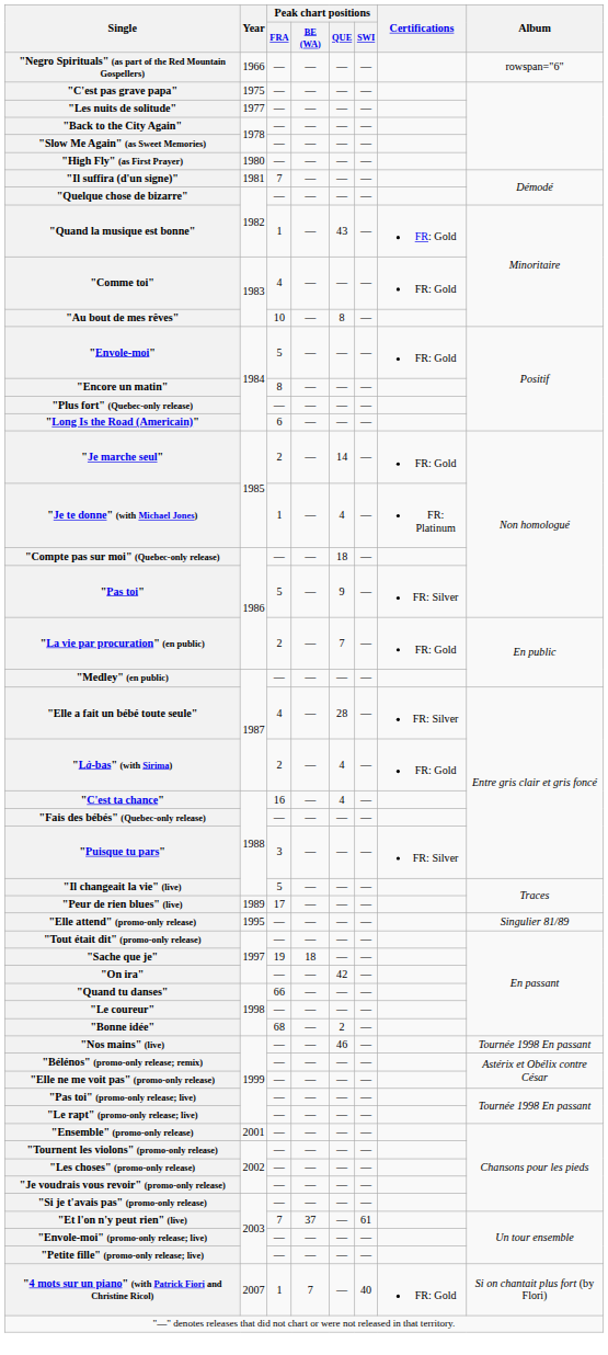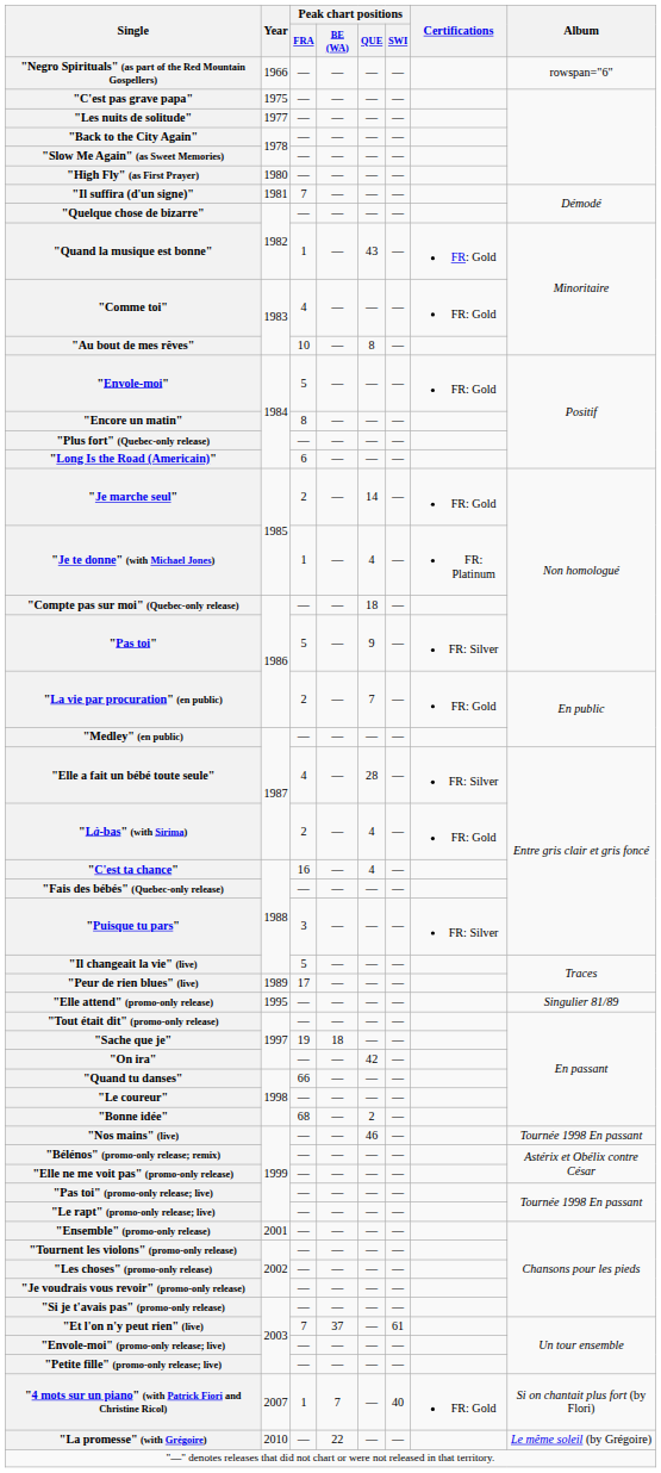 <table class="wikitable plainrowheaders" style="text-align:center;">
 <tr>
 <th rowspan="2">Single</th>
 <th rowspan="2">Year</th>
 <th colspan="4">Peak chart positions</th>
 <th rowspan="2"><a href='#'>Certifications</a></th>
 <th rowspan="2">Album</th>
 </tr>
 <tr>
 <th><small><a href='#'>FRA</a></small><br></th>
 <th><small><a href='#'>BE (WA)</a></small><br></th>
 <th><small><a href='#'>QUE</a></small><br></th>
 <th><small><a href='#'>SWI</a></small><br></th>
 </tr>
 <tr>
 <th scope="row">"Negro Spirituals" <small>(as part of the Red Mountain Gospellers)</small></th>
 <td>1966</td>
 <td>—</td>
 <td>—</td>
 <td>—</td>
 <td>—</td>
 <td></td>
 <td>rowspan="6" </td>
 </tr>
 <tr>
 <th scope="row">"C'est pas grave papa"</th>
 <td>1975</td>
 <td>—</td>
 <td>—</td>
 <td>—</td>
 <td>—</td>
 <td></td>
 </tr>
 <tr>
 <th scope="row">"Les nuits de solitude"</th>
 <td>1977</td>
 <td>—</td>
 <td>—</td>
 <td>—</td>
 <td>—</td>
 <td></td>
 </tr>
 <tr>
 <th scope="row">"Back to the City Again"</th>
 <td rowspan="2">1978</td>
 <td>—</td>
 <td>—</td>
 <td>—</td>
 <td>—</td>
 <td></td>
 </tr>
 <tr>
 <th scope="row">"Slow Me Again" <small>(as Sweet Memories)</small></th>
 <td>—</td>
 <td>—</td>
 <td>—</td>
 <td>—</td>
 <td></td>
 </tr>
 <tr>
 <th scope="row">"High Fly" <small>(as First Prayer)</small></th>
 <td>1980</td>
 <td>—</td>
 <td>—</td>
 <td>—</td>
 <td>—</td>
 <td></td>
 </tr>
 <tr>
 <th scope="row">"Il suffira (d'un signe)"</th>
 <td>1981</td>
 <td>7</td>
 <td>—</td>
 <td>—</td>
 <td>—</td>
 <td></td>
 <td rowspan="2"><em>Démodé</em></td>
 </tr>
 <tr>
 <th scope="row">"Quelque chose de bizarre"</th>
 <td rowspan="2">1982</td>
 <td>—</td>
 <td>—</td>
 <td>—</td>
 <td>—</td>
 <td></td>
 </tr>
 <tr>
 <th scope="row">"Quand la musique est bonne"</th>
 <td>1</td>
 <td>—</td>
 <td>43</td>
 <td>—</td>
 <td><br><ul><li><a href='#'>FR</a>: Gold</li></ul></td>
 <td rowspan="3"><em>Minoritaire</em></td>
 </tr>
 <tr>
 <th scope="row">"Comme toi"</th>
 <td rowspan="2">1983</td>
 <td>4</td>
 <td>—</td>
 <td>—</td>
 <td>—</td>
 <td><br><ul><li>FR: Gold</li></ul></td>
 </tr>
 <tr>
 <th scope="row">"Au bout de mes rêves"</th>
 <td>10</td>
 <td>—</td>
 <td>8</td>
 <td>—</td>
 <td></td>
 </tr>
 <tr>
 <th scope="row">"<a href='#'>Envole-moi</a>"</th>
 <td rowspan="4">1984</td>
 <td>5</td>
 <td>—</td>
 <td>—</td>
 <td>—</td>
 <td><br><ul><li>FR: Gold</li></ul></td>
 <td rowspan="4"><em>Positif</em></td>
 </tr>
 <tr>
 <th scope="row">"Encore un matin"</th>
 <td>8</td>
 <td>—</td>
 <td>—</td>
 <td>—</td>
 <td></td>
 </tr>
 <tr>
 <th scope="row">"Plus fort" <small>(Quebec-only release)</small></th>
 <td>—</td>
 <td>—</td>
 <td>—</td>
 <td>—</td>
 <td></td>
 </tr>
 <tr>
 <th scope="row">"<a href='#'>Long Is the Road (Americain)</a>"</th>
 <td>6</td>
 <td>—</td>
 <td>—</td>
 <td>—</td>
 <td></td>
 </tr>
 <tr>
 <th scope="row">"<a href='#'>Je marche seul</a>"</th>
 <td rowspan="2">1985</td>
 <td>2</td>
 <td>—</td>
 <td>14</td>
 <td>—</td>
 <td><br><ul><li>FR: Gold</li></ul></td>
 <td rowspan="4"><em>Non homologué</em></td>
 </tr>
 <tr>
 <th scope="row">"<a href='#'>Je te donne</a>" <small>(with <a href='#'>Michael Jones</a>)</small></th>
 <td>1</td>
 <td>—</td>
 <td>4</td>
 <td>—</td>
 <td><br><ul><li>FR: Platinum</li></ul></td>
 </tr>
 <tr>
 <th scope="row">"Compte pas sur moi" <small>(Quebec-only release)</small></th>
 <td rowspan="3">1986</td>
 <td>—</td>
 <td>—</td>
 <td>18</td>
 <td>—</td>
 <td></td>
 </tr>
 <tr>
 <th scope="row">"<a href='#'>Pas toi</a>"</th>
 <td>5</td>
 <td>—</td>
 <td>9</td>
 <td>—</td>
 <td><br><ul><li>FR: Silver</li></ul></td>
 </tr>
 <tr>
 <th scope="row">"<a href='#'>La vie par procuration</a>" <small>(en public)</small></th>
 <td>2</td>
 <td>—</td>
 <td>7</td>
 <td>—</td>
 <td><br><ul><li>FR: Gold</li></ul></td>
 <td rowspan="2"><em>En public</em></td>
 </tr>
 <tr>
 <th scope="row">"Medley" <small>(en public)</small></th>
 <td rowspan="3">1987</td>
 <td>—</td>
 <td>—</td>
 <td>—</td>
 <td>—</td>
 <td></td>
 </tr>
 <tr>
 <th scope="row">"Elle a fait un bébé toute seule"</th>
 <td>4</td>
 <td>—</td>
 <td>28</td>
 <td>—</td>
 <td><br><ul><li>FR: Silver</li></ul></td>
 <td rowspan="5"><em>Entre gris clair et gris foncé</em></td>
 </tr>
 <tr>
 <th scope="row">"<a href='#'>L<em>à</em>-bas</a>" <small>(with <a href='#'>Sirima</a>)</small></th>
 <td>2</td>
 <td>—</td>
 <td>4</td>
 <td>—</td>
 <td><br><ul><li>FR: Gold</li></ul></td>
 </tr>
 <tr>
 <th scope="row">"<a href='#'>C'est ta chance</a>"</th>
 <td rowspan="4">1988</td>
 <td>16</td>
 <td>—</td>
 <td>4</td>
 <td>—</td>
 <td></td>
 </tr>
 <tr>
 <th scope="row">"Fais des bébés" <small>(Quebec-only release)</small></th>
 <td>—</td>
 <td>—</td>
 <td>—</td>
 <td>—</td>
 <td></td>
 </tr>
 <tr>
 <th scope="row">"<a href='#'>Puisque tu pars</a>"</th>
 <td>3</td>
 <td>—</td>
 <td>—</td>
 <td>—</td>
 <td><br><ul><li>FR: Silver</li></ul></td>
 </tr>
 <tr>
 <th scope="row">"Il changeait la vie" <small>(live)</small></th>
 <td>5</td>
 <td>—</td>
 <td>—</td>
 <td>—</td>
 <td></td>
 <td rowspan="2"><em>Traces</em></td>
 </tr>
 <tr>
 <th scope="row">"Peur de rien blues" <small>(live)</small></th>
 <td>1989</td>
 <td>17</td>
 <td>—</td>
 <td>—</td>
 <td>—</td>
 <td></td>
 </tr>
 <tr>
 <th scope="row">"Elle attend" <small>(promo-only release)</small></th>
 <td>1995</td>
 <td>—</td>
 <td>—</td>
 <td>—</td>
 <td>—</td>
 <td></td>
 <td><em>Singulier 81/89</em></td>
 </tr>
 <tr>
 <th scope="row">"Tout était dit" <small>(promo-only release)</small></th>
 <td rowspan="3">1997</td>
 <td>—</td>
 <td>—</td>
 <td>—</td>
 <td>—</td>
 <td></td>
 <td rowspan="6"><em>En passant</em></td>
 </tr>
 <tr>
 <th scope="row">"Sache que je"</th>
 <td>19</td>
 <td>18</td>
 <td>—</td>
 <td>—</td>
 <td></td>
 </tr>
 <tr>
 <th scope="row">"On ira"</th>
 <td>—</td>
 <td>—</td>
 <td>42</td>
 <td>—</td>
 <td></td>
 </tr>
 <tr>
 <th scope="row">"Quand tu danses"</th>
 <td rowspan="3">1998</td>
 <td>66</td>
 <td>—</td>
 <td>—</td>
 <td>—</td>
 <td></td>
 </tr>
 <tr>
 <th scope="row">"Le coureur"</th>
 <td>—</td>
 <td>—</td>
 <td>—</td>
 <td>—</td>
 <td></td>
 </tr>
 <tr>
 <th scope="row">"Bonne idée"</th>
 <td>68</td>
 <td>—</td>
 <td>2</td>
 <td>—</td>
 <td></td>
 </tr>
 <tr>
 <th scope="row">"Nos mains" <small>(live)</small></th>
 <td rowspan="5">1999</td>
 <td>—</td>
 <td>—</td>
 <td>46</td>
 <td>—</td>
 <td></td>
 <td><em>Tournée 1998 En passant</em></td>
 </tr>
 <tr>
 <th scope="row">"Bélénos" <small>(promo-only release; remix)</small></th>
 <td>—</td>
 <td>—</td>
 <td>—</td>
 <td>—</td>
 <td></td>
 <td rowspan="2"><em>Astérix et Obélix contre César</em></td>
 </tr>
 <tr>
 <th scope="row">"Elle ne me voit pas" <small>(promo-only release)</small></th>
 <td>—</td>
 <td>—</td>
 <td>—</td>
 <td>—</td>
 <td></td>
 </tr>
 <tr>
 <th scope="row">"Pas toi" <small>(promo-only release; live)</small></th>
 <td>—</td>
 <td>—</td>
 <td>—</td>
 <td>—</td>
 <td></td>
 <td rowspan="2"><em>Tournée 1998 En passant</em></td>
 </tr>
 <tr>
 <th scope="row">"Le rapt" <small>(promo-only release; live)</small></th>
 <td>—</td>
 <td>—</td>
 <td>—</td>
 <td>—</td>
 <td></td>
 </tr>
 <tr>
 <th scope="row">"Ensemble" <small>(promo-only release)</small></th>
 <td>2001</td>
 <td>—</td>
 <td>—</td>
 <td>—</td>
 <td>—</td>
 <td></td>
 <td rowspan="5"><em>Chansons pour les pieds</em></td>
 </tr>
 <tr>
 <th scope="row">"Tournent les violons" <small>(promo-only release)</small></th>
 <td rowspan="3">2002</td>
 <td>—</td>
 <td>—</td>
 <td>—</td>
 <td>—</td>
 <td></td>
 </tr>
 <tr>
 <th scope="row">"Les choses" <small>(promo-only release)</small></th>
 <td>—</td>
 <td>—</td>
 <td>—</td>
 <td>—</td>
 <td></td>
 </tr>
 <tr>
 <th scope="row">"Je voudrais vous revoir" <small>(promo-only release)</small></th>
 <td>—</td>
 <td>—</td>
 <td>—</td>
 <td>—</td>
 <td></td>
 </tr>
 <tr>
 <th scope="row">"Si je t'avais pas" <small>(promo-only release)</small></th>
 <td rowspan="4">2003</td>
 <td>—</td>
 <td>—</td>
 <td>—</td>
 <td>—</td>
 <td></td>
 </tr>
 <tr>
 <th scope="row">"Et l'on n'y peut rien" <small>(live)</small></th>
 <td>7</td>
 <td>37</td>
 <td>—</td>
 <td>61</td>
 <td></td>
 <td rowspan="3"><em>Un tour ensemble</em></td>
 </tr>
 <tr>
 <th scope="row">"Envole-moi" <small>(promo-only release; live)</small></th>
 <td>—</td>
 <td>—</td>
 <td>—</td>
 <td>—</td>
 <td></td>
 </tr>
 <tr>
 <th scope="row">"Petite fille" <small>(promo-only release; live)</small></th>
 <td>—</td>
 <td>—</td>
 <td>—</td>
 <td>—</td>
 <td></td>
 </tr>
 <tr>
 <th scope="row">"<a href='#'>4 mots sur un piano</a>" <small>(with <a href='#'>Patrick Fiori</a> and Christine Ricol)</small></th>
 <td>2007</td>
 <td>1</td>
 <td>7</td>
 <td>—</td>
 <td>40</td>
 <td><br><ul><li>FR: Gold</li></ul></td>
 <td><em>Si on chantait plus fort</em> (by Flori)</td>
 </tr>
 <tr>
+<th scope="row">"La promesse" <small>(with <a href='#'>Grégoire</a>)</small></th>
+<td>2010</td>
+<td>—</td>
+<td>22</td>
+<td>—</td>
+<td>—</td>
+<td></td>
+<td><em><a href='#'>Le même soleil</a></em> (by Grégoire)</td>
+</tr>
+<tr>
 <td colspan="8" style="font-size:90%">"—" denotes releases that did not chart or were not released in that territory.</td>
 </tr>
 </table>
